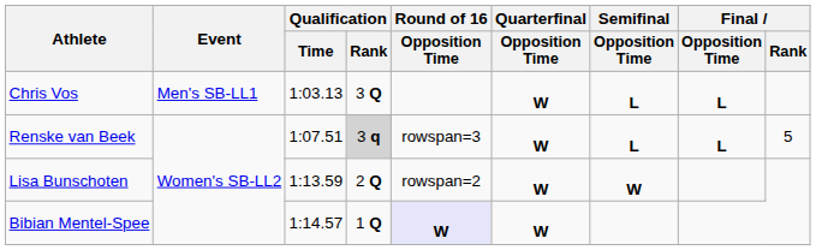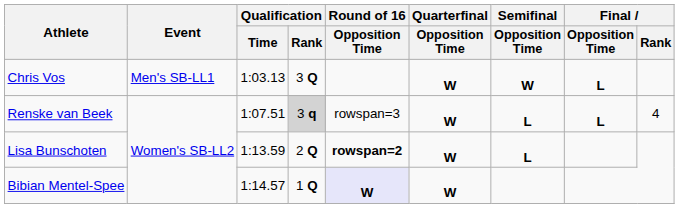 <table class="wikitable" style="font-size:90%">
 <tr>
 <th rowspan="2">Athlete</th>
 <th rowspan="2">Event</th>
 <th colspan="2">Qualification</th>
 <th>Round of 16</th>
 <th>Quarterfinal</th>
 <th>Semifinal</th>
 <th colspan=2>Final / </th>
 </tr>
 <tr style="font-size:95%">
 <th>Time</th>
 <th>Rank</th>
 <th>Opposition<br>Time</th>
 <th>Opposition<br>Time</th>
 <th>Opposition<br>Time</th>
 <th>Opposition<br>Time</th>
 <th>Rank</th>
 </tr>
 <tr align=center>
 <td align=left><a href='#'>Chris Vos</a></td>
 <td align=left><a href='#'>Men's SB-LL1</a></td>
 <td>1:03.13</td>
 <td>3 <strong>Q</strong></td>
 <td></td>
 <td><br><strong>W</strong></td>
-<td><br><strong>L</strong></td>
+<td><br><strong>W</strong></td>
 <td><br><strong>L</strong></td>
 <td></td>
 </tr>
 <tr align=center>
 <td align=left><a href='#'>Renske van Beek</a></td>
 <td align=left rowspan=3><a href='#'>Women's SB-LL2</a></td>
 <td>1:07.51</td>
 <td style="background: lightgrey;">3 <strong>q</strong></td>
 <td>rowspan=3 </td>
 <td><br><strong>W</strong></td>
 <td><br><strong>L</strong></td>
 <td><br><strong>L</strong></td>
-<td>5</td>
+<td>4</td>
 </tr>
 <tr align=center>
 <td align=left><a href='#'>Lisa Bunschoten</a></td>
 <td>1:13.59</td>
 <td>2 <strong>Q</strong></td>
-<td>rowspan=2 </td>
+<td><strong>rowspan=2 </strong></td>
 <td><br><strong>W</strong></td>
-<td><br><strong>W</strong></td>
+<td><br><strong>L</strong></td>
 <td></td>
 </tr>
 <tr align=center>
 <td align=left><a href='#'>Bibian Mentel-Spee</a></td>
 <td>1:14.57</td>
 <td>1 <strong>Q</strong></td>
 <td style="background: lavender;"><br><strong>W</strong></td>
 <td><br><strong>W</strong></td>
 <td></td>
 </tr>
 </table>
